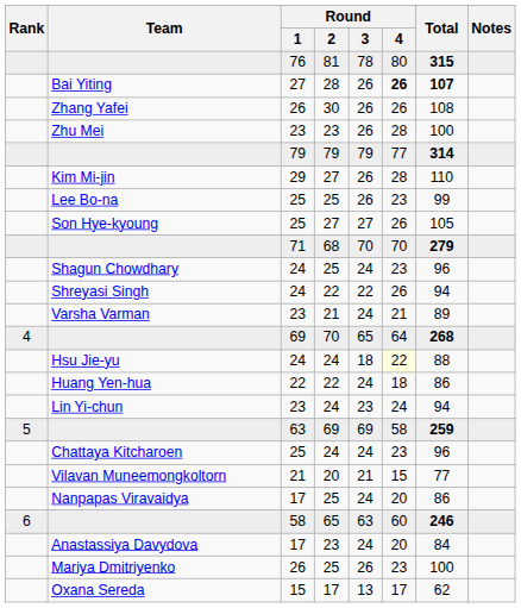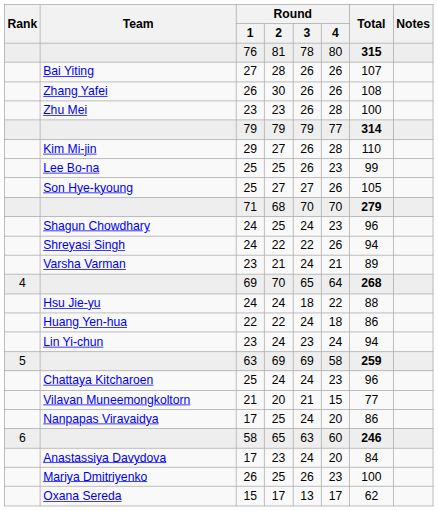 <table class="wikitable" style="text-align:center">
 <tr>
 <th rowspan=2 width=40>Rank</th>
 <th rowspan=2 width=250>Team</th>
 <th colspan=4>Round</th>
 <th rowspan=2 width=50>Total</th>
 <th rowspan=2 width=45>Notes</th>
 </tr>
 <tr>
 <th width=30>1</th>
 <th width=30>2</th>
 <th width=30>3</th>
 <th width=30>4</th>
 </tr>
 <tr bgcolor=eeeeee>
 <td></td>
 <td align=left></td>
 <td>76</td>
 <td>81</td>
 <td>78</td>
 <td>80</td>
 <td><strong>315</strong></td>
 <td></td>
 </tr>
 <tr>
 <td></td>
 <td align=left><a href='#'>Bai Yiting</a></td>
 <td>27</td>
 <td>28</td>
 <td>26</td>
-<td><strong>26</strong></td>
-<td><strong>107</strong></td>
+<td>26</td>
+<td>107</td>
 <td></td>
 </tr>
 <tr>
 <td></td>
 <td align=left><a href='#'>Zhang Yafei</a></td>
 <td>26</td>
 <td>30</td>
 <td>26</td>
 <td>26</td>
 <td>108</td>
 <td></td>
 </tr>
 <tr>
 <td></td>
 <td align=left><a href='#'>Zhu Mei</a></td>
 <td>23</td>
 <td>23</td>
 <td>26</td>
 <td>28</td>
 <td>100</td>
 <td></td>
 </tr>
 <tr bgcolor=eeeeee>
 <td></td>
 <td align=left></td>
 <td>79</td>
 <td>79</td>
 <td>79</td>
 <td>77</td>
 <td><strong>314</strong></td>
 <td></td>
 </tr>
 <tr>
 <td></td>
 <td align=left><a href='#'>Kim Mi-jin</a></td>
 <td>29</td>
 <td>27</td>
 <td>26</td>
 <td>28</td>
 <td>110</td>
 <td></td>
 </tr>
 <tr>
 <td></td>
 <td align=left><a href='#'>Lee Bo-na</a></td>
 <td>25</td>
 <td>25</td>
 <td>26</td>
 <td>23</td>
 <td>99</td>
 <td></td>
 </tr>
 <tr>
 <td></td>
 <td align=left><a href='#'>Son Hye-kyoung</a></td>
 <td>25</td>
 <td>27</td>
 <td>27</td>
 <td>26</td>
 <td>105</td>
 <td></td>
 </tr>
 <tr bgcolor=eeeeee>
 <td></td>
 <td align=left></td>
 <td>71</td>
 <td>68</td>
 <td>70</td>
 <td>70</td>
 <td><strong>279</strong></td>
 <td></td>
 </tr>
 <tr>
 <td></td>
 <td align=left><a href='#'>Shagun Chowdhary</a></td>
 <td>24</td>
 <td>25</td>
 <td>24</td>
 <td>23</td>
 <td>96</td>
 <td></td>
 </tr>
 <tr>
 <td></td>
 <td align=left><a href='#'>Shreyasi Singh</a></td>
 <td>24</td>
 <td>22</td>
 <td>22</td>
 <td>26</td>
 <td>94</td>
 <td></td>
 </tr>
 <tr>
 <td></td>
 <td align=left><a href='#'>Varsha Varman</a></td>
 <td>23</td>
 <td>21</td>
 <td>24</td>
 <td>21</td>
 <td>89</td>
 <td></td>
 </tr>
 <tr bgcolor=eeeeee>
 <td>4</td>
 <td align=left></td>
 <td>69</td>
 <td>70</td>
 <td>65</td>
 <td>64</td>
 <td><strong>268</strong></td>
 <td></td>
 </tr>
 <tr>
 <td></td>
 <td align=left><a href='#'>Hsu Jie-yu</a></td>
 <td>24</td>
 <td>24</td>
 <td>18</td>
-<td style="background: lightyellow;">22</td>
+<td>22</td>
 <td>88</td>
 <td></td>
 </tr>
 <tr>
 <td></td>
 <td align=left><a href='#'>Huang Yen-hua</a></td>
 <td>22</td>
 <td>22</td>
 <td>24</td>
 <td>18</td>
 <td>86</td>
 <td></td>
 </tr>
 <tr>
 <td></td>
 <td align=left><a href='#'>Lin Yi-chun</a></td>
 <td>23</td>
 <td>24</td>
 <td>23</td>
 <td>24</td>
 <td>94</td>
 <td></td>
 </tr>
 <tr bgcolor=eeeeee>
 <td>5</td>
 <td align=left></td>
 <td>63</td>
 <td>69</td>
 <td>69</td>
 <td>58</td>
 <td><strong>259</strong></td>
 <td></td>
 </tr>
 <tr>
 <td></td>
 <td align=left><a href='#'>Chattaya Kitcharoen</a></td>
 <td>25</td>
 <td>24</td>
 <td>24</td>
 <td>23</td>
 <td>96</td>
 <td></td>
 </tr>
 <tr>
 <td></td>
 <td align=left><a href='#'>Vilavan Muneemongkoltorn</a></td>
 <td>21</td>
 <td>20</td>
 <td>21</td>
 <td>15</td>
 <td>77</td>
 <td></td>
 </tr>
 <tr>
 <td></td>
 <td align=left><a href='#'>Nanpapas Viravaidya</a></td>
 <td>17</td>
 <td>25</td>
 <td>24</td>
 <td>20</td>
 <td>86</td>
 <td></td>
 </tr>
 <tr bgcolor=eeeeee>
 <td>6</td>
 <td align=left></td>
 <td>58</td>
 <td>65</td>
 <td>63</td>
 <td>60</td>
 <td><strong>246</strong></td>
 <td></td>
 </tr>
 <tr>
 <td></td>
 <td align=left><a href='#'>Anastassiya Davydova</a></td>
 <td>17</td>
 <td>23</td>
 <td>24</td>
 <td>20</td>
 <td>84</td>
 <td></td>
 </tr>
 <tr>
 <td></td>
 <td align=left><a href='#'>Mariya Dmitriyenko</a></td>
 <td>26</td>
 <td>25</td>
 <td>26</td>
 <td>23</td>
 <td>100</td>
 <td></td>
 </tr>
 <tr>
 <td></td>
 <td align=left><a href='#'>Oxana Sereda</a></td>
 <td>15</td>
 <td>17</td>
 <td>13</td>
 <td>17</td>
 <td>62</td>
 <td></td>
 </tr>
 </table>
